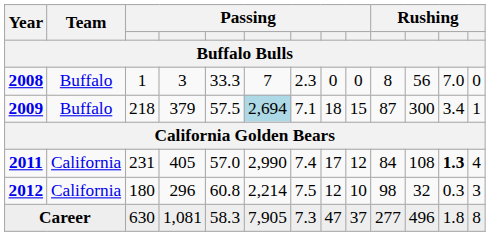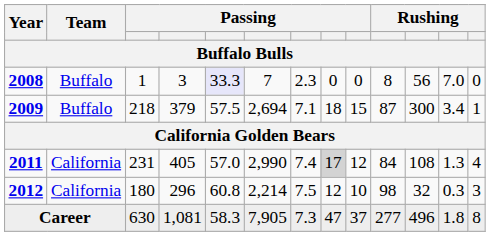 <table class="wikitable" style="text-align:center;">
 <tr>
 <th rowspan=2>Year</th>
 <th rowspan=2>Team</th>
 <th colspan=7>Passing</th>
 <th colspan=4>Rushing</th>
 </tr>
 <tr>
 <th></th>
 <th></th>
 <th></th>
 <th></th>
 <th></th>
 <th></th>
 <th></th>
 <th></th>
 <th></th>
 <th></th>
 <th></th>
 </tr>
 <tr>
 <th colspan="13"><strong>Buffalo Bulls</strong></th>
 </tr>
 <tr>
 <td><strong><a href='#'>2008</a></strong></td>
 <td><a href='#'>Buffalo</a></td>
 <td>1</td>
 <td>3</td>
-<td>33.3</td>
+<td style="background: lavender;">33.3</td>
 <td>7</td>
 <td>2.3</td>
 <td>0</td>
 <td>0</td>
 <td>8</td>
 <td>56</td>
 <td>7.0</td>
 <td>0</td>
 </tr>
 <tr>
 <td><strong><a href='#'>2009</a></strong></td>
 <td><a href='#'>Buffalo</a></td>
 <td>218</td>
 <td>379</td>
 <td>57.5</td>
-<td style="background: lightblue;">2,694</td>
+<td>2,694</td>
 <td>7.1</td>
 <td>18</td>
 <td>15</td>
 <td>87</td>
 <td>300</td>
 <td>3.4</td>
 <td>1</td>
 </tr>
 <tr>
 <th colspan="13"><strong>California Golden Bears</strong></th>
 </tr>
 <tr>
 <td><strong><a href='#'>2011</a></strong></td>
 <td><a href='#'>California</a></td>
 <td>231</td>
 <td>405</td>
 <td>57.0</td>
 <td>2,990</td>
 <td>7.4</td>
-<td>17</td>
+<td style="background: lightgrey;">17</td>
 <td>12</td>
 <td>84</td>
 <td>108</td>
-<td><strong>1.3</strong></td>
+<td>1.3</td>
 <td>4</td>
 </tr>
 <tr>
 <td><strong><a href='#'>2012</a></strong></td>
 <td><a href='#'>California</a></td>
 <td>180</td>
 <td>296</td>
 <td>60.8</td>
 <td>2,214</td>
 <td>7.5</td>
 <td>12</td>
 <td>10</td>
 <td>98</td>
 <td>32</td>
 <td>0.3</td>
 <td>3</td>
 </tr>
 <tr style="background:#eee;">
 <td colspan=2><strong>Career</strong></td>
 <td>630</td>
 <td>1,081</td>
 <td>58.3</td>
 <td>7,905</td>
 <td>7.3</td>
 <td>47</td>
 <td>37</td>
 <td>277</td>
 <td>496</td>
 <td>1.8</td>
 <td>8</td>
 </tr>
 </table>
